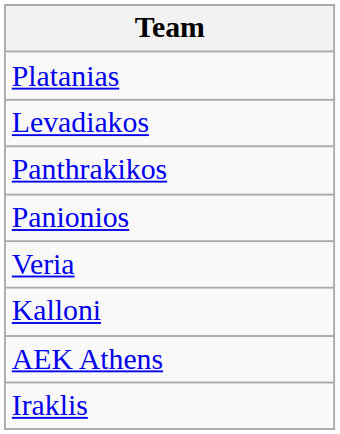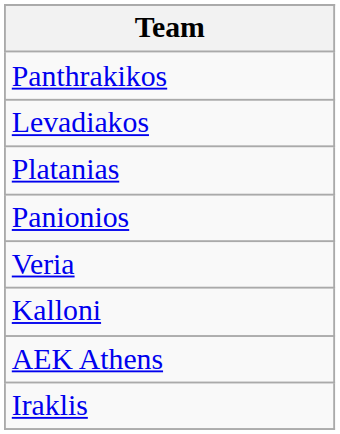 <table class="wikitable">
 <tr>
 </tr>
 <tr>
 <th width=170>Team</th>
 </tr>
 <tr>
-<td><a href='#'>Platanias</a></td>
+<td><a href='#'>Panthrakikos</a></td>
 </tr>
 <tr>
 <td><a href='#'>Levadiakos</a></td>
 </tr>
 <tr>
-<td><a href='#'>Panthrakikos</a></td>
+<td><a href='#'>Platanias</a></td>
 </tr>
 <tr>
 <td><a href='#'>Panionios</a></td>
 </tr>
 <tr>
 <td><a href='#'>Veria</a></td>
 </tr>
 <tr>
 <td><a href='#'>Kalloni</a></td>
 </tr>
 <tr>
 <td><a href='#'>AEK Athens</a></td>
 </tr>
 <tr>
 <td><a href='#'>Iraklis</a></td>
 </tr>
 </table>
